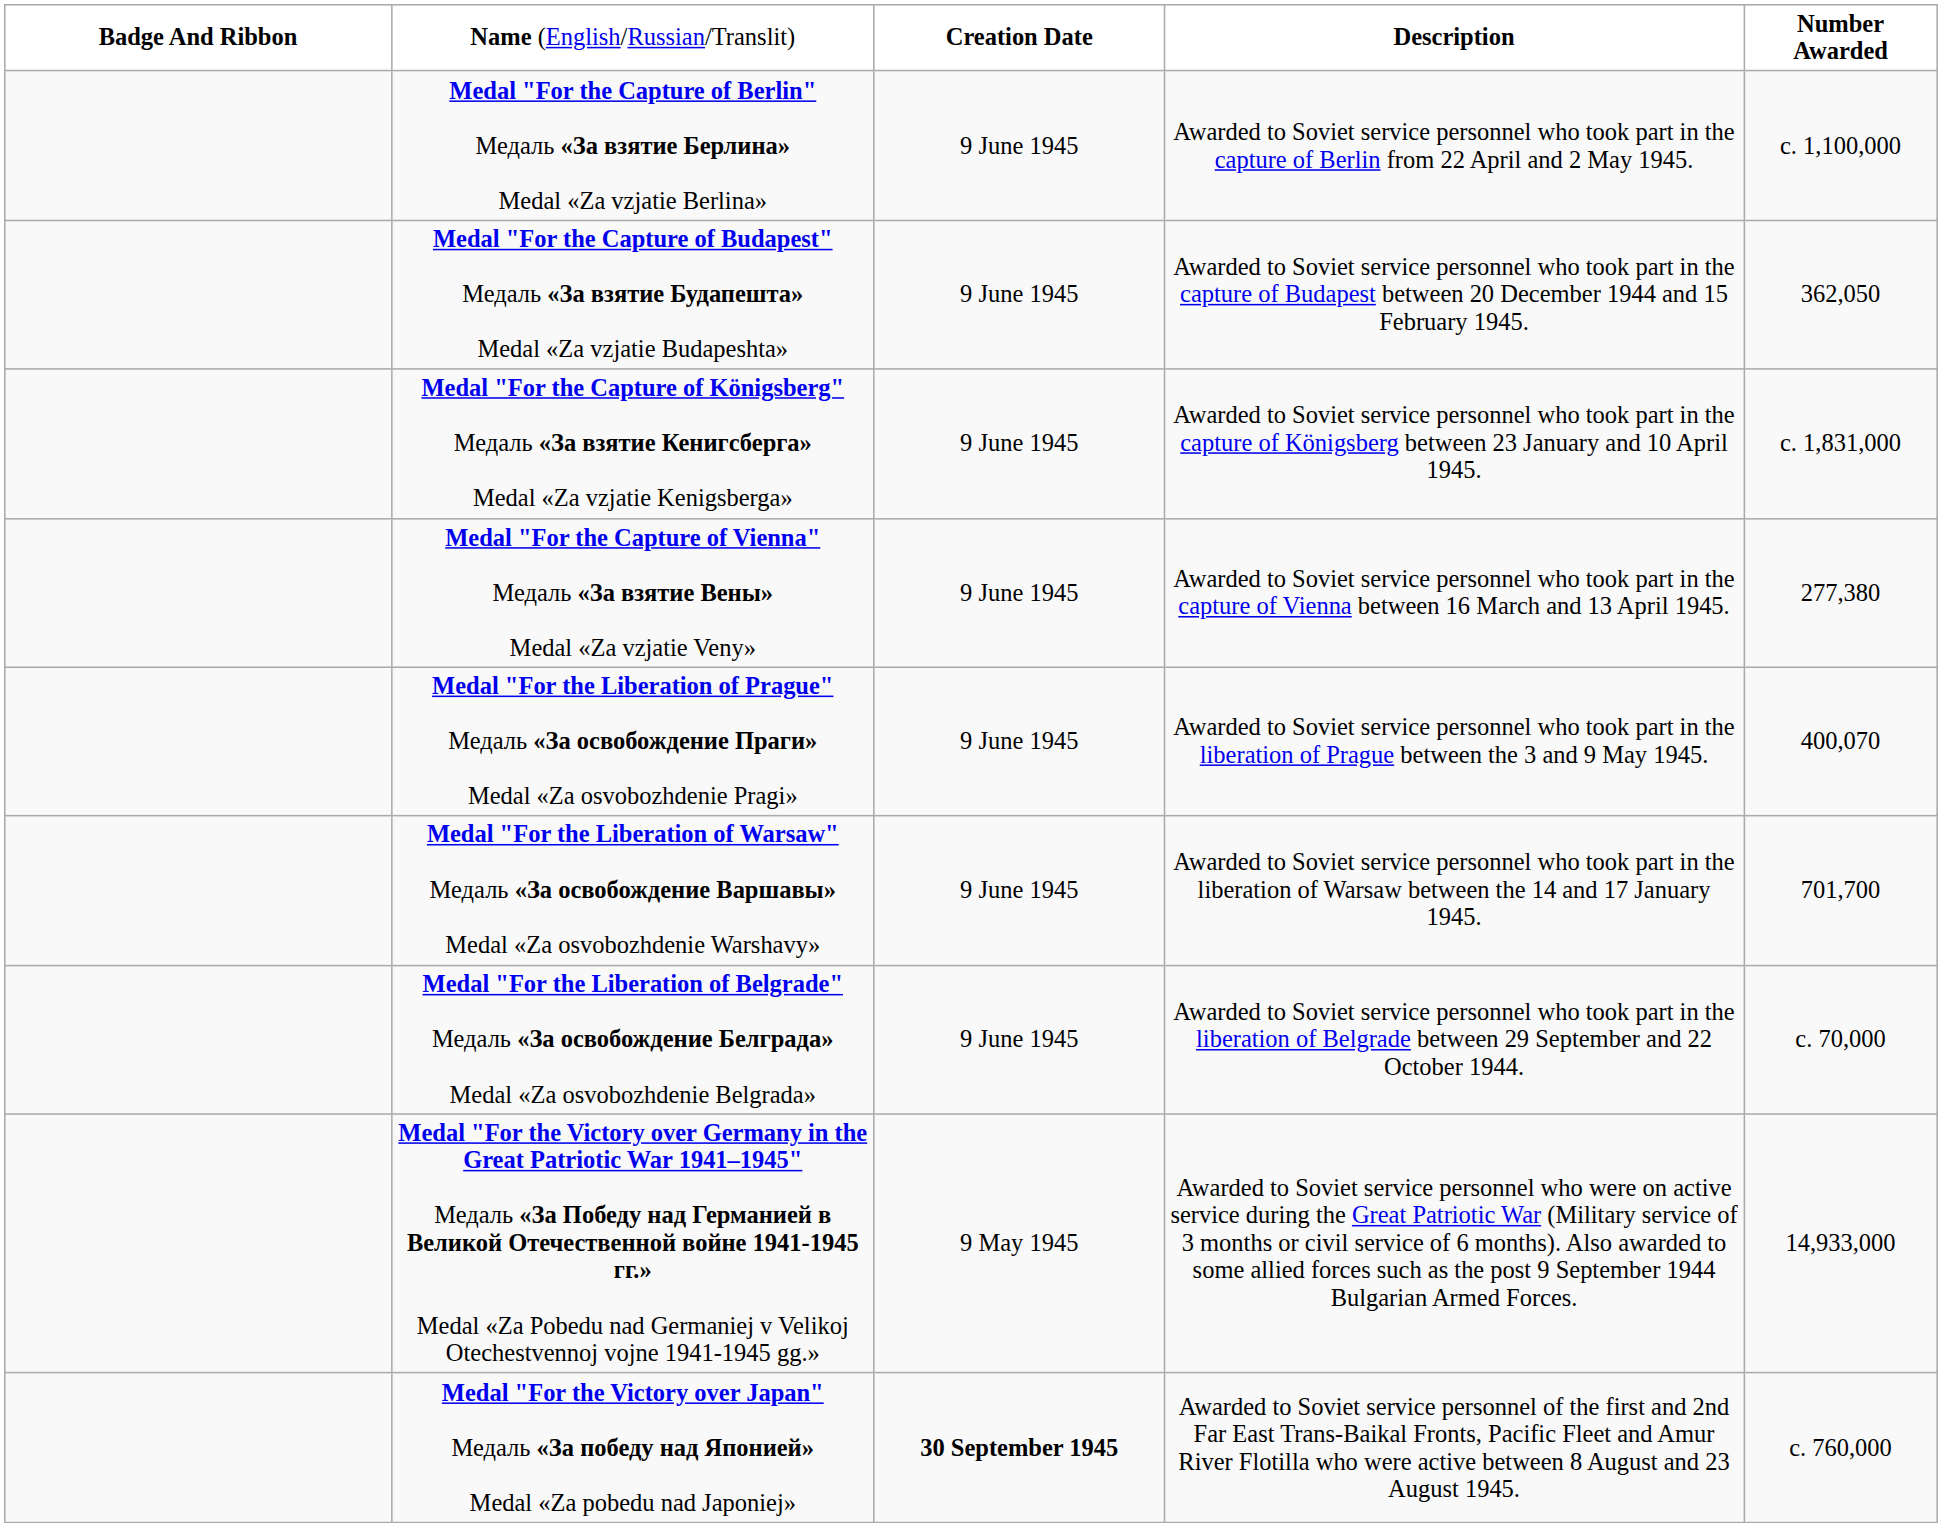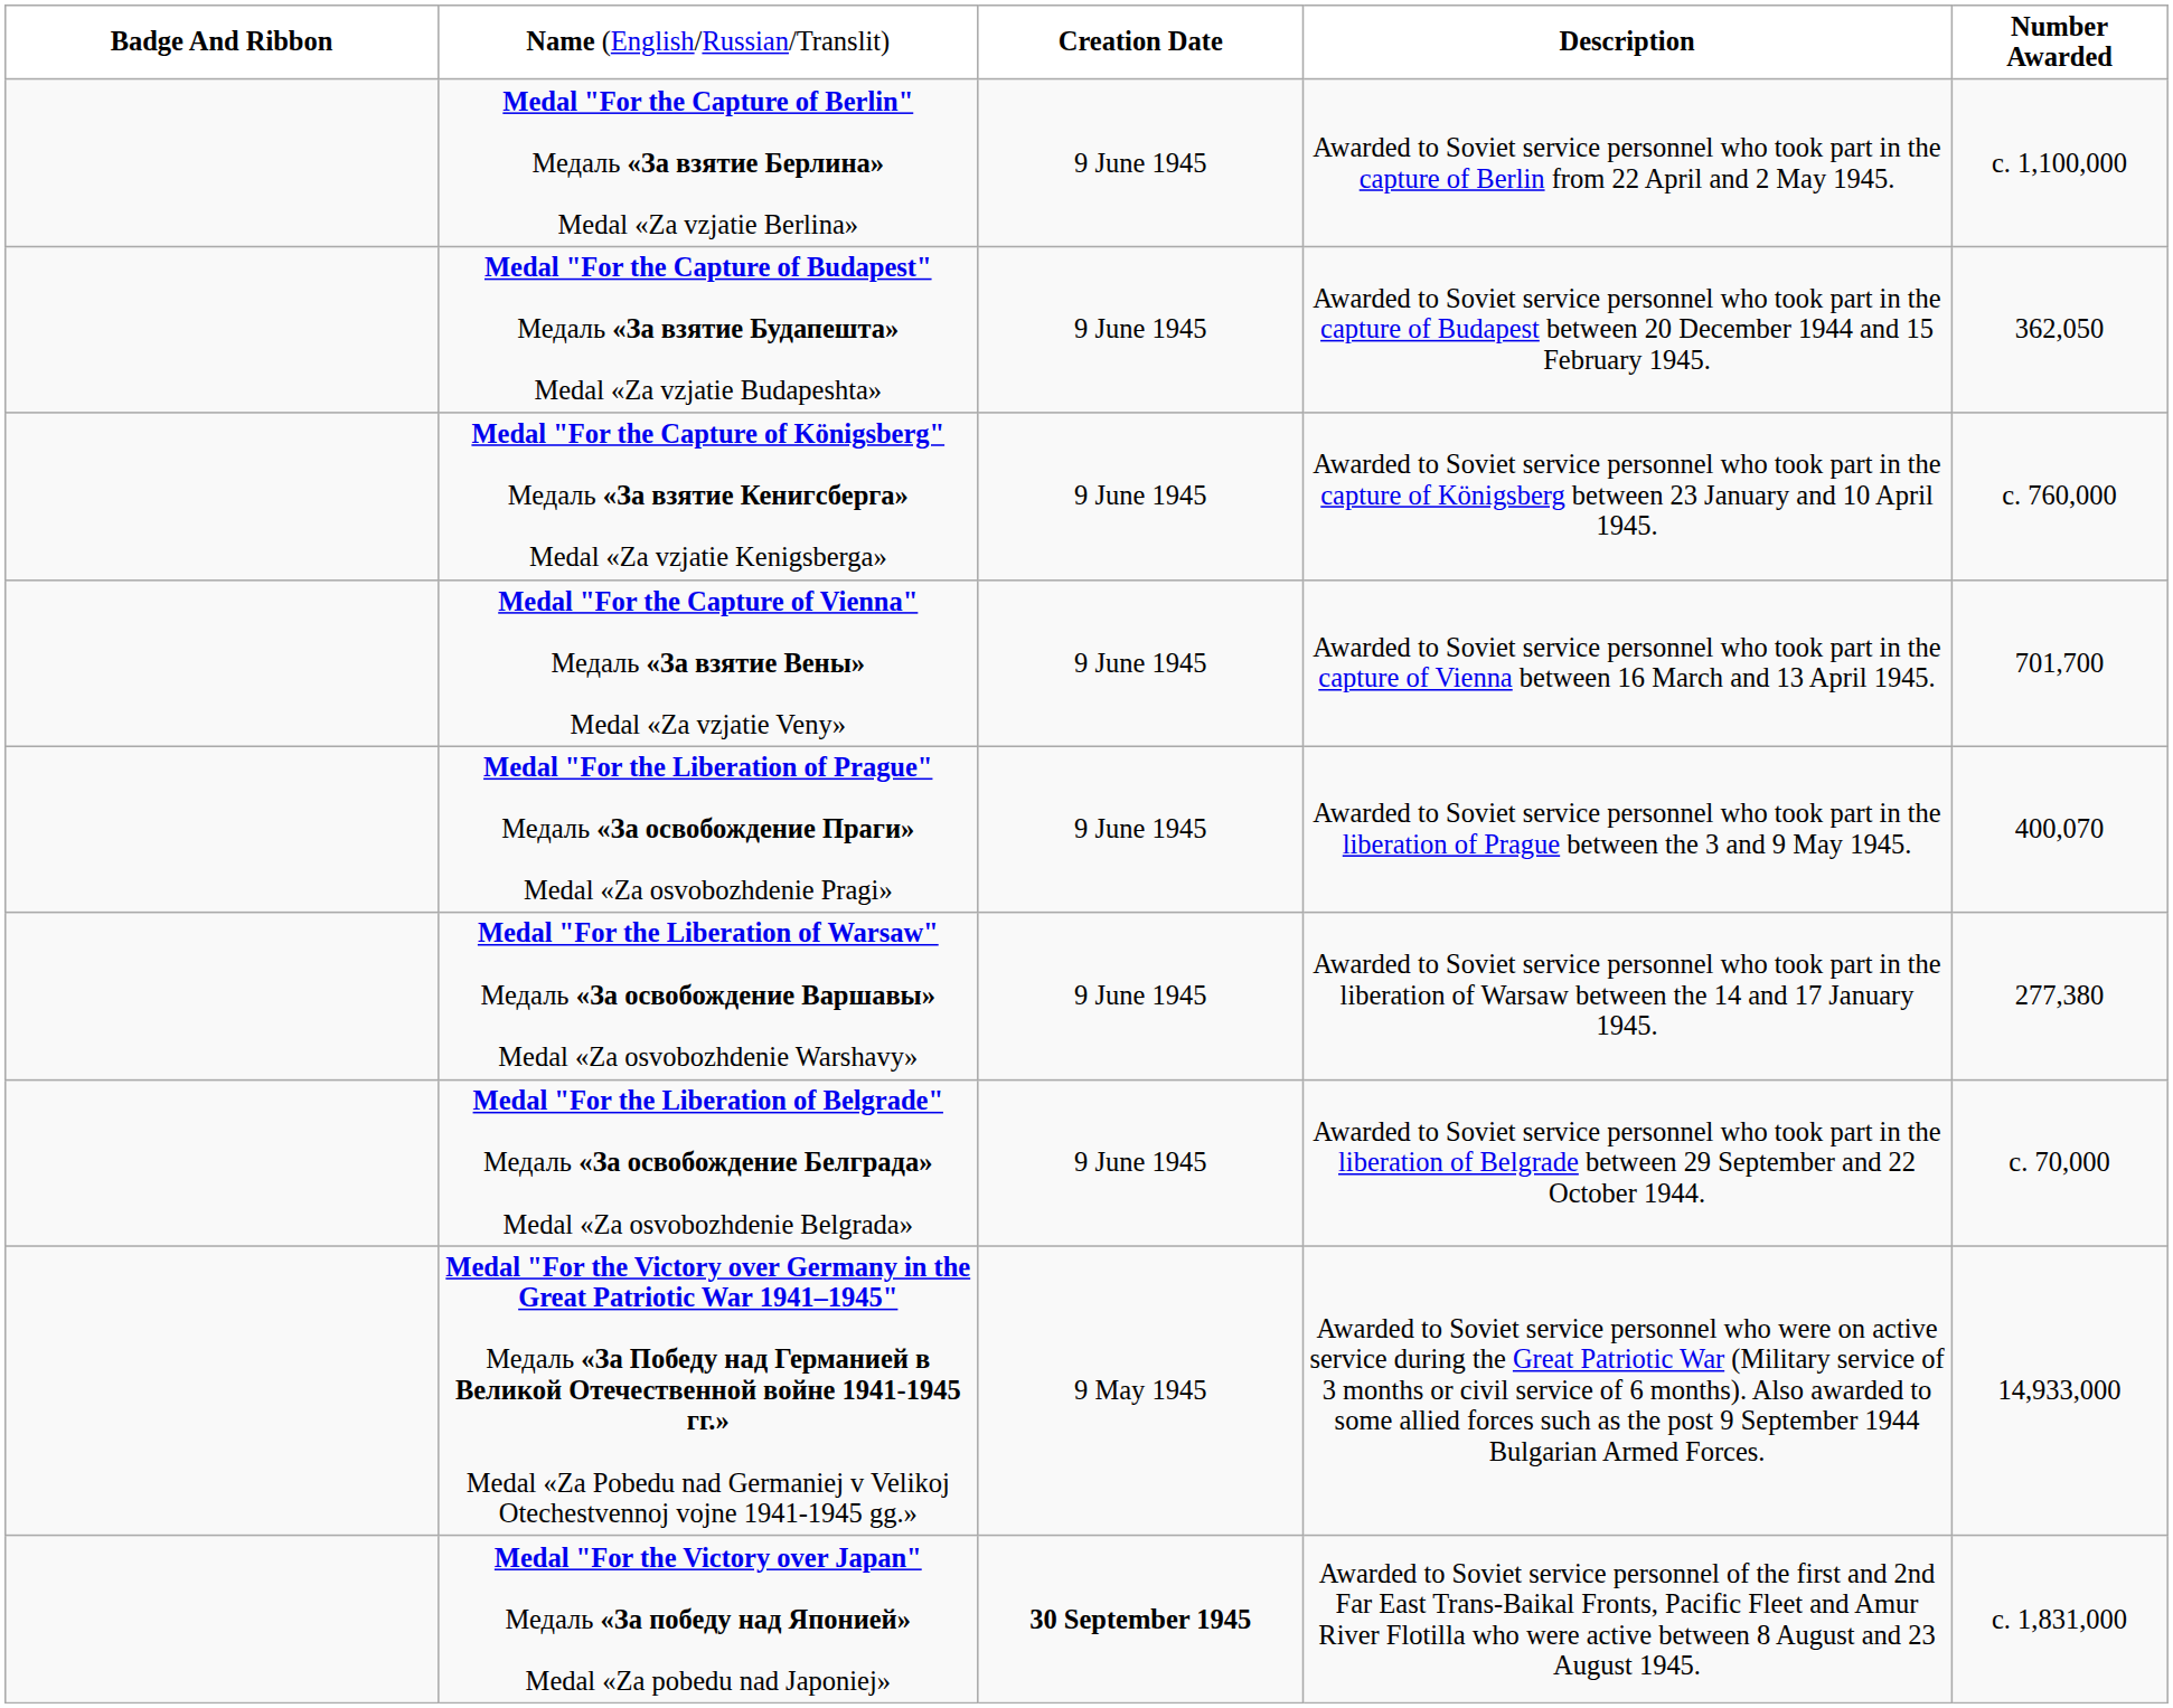 <table class="wikitable" width="100%" style="text-align:center;">
 <tr>
 <td width="20%" bgcolor="#FFFFFF"><strong>Badge And Ribbon</strong></td>
 <td width="25%" bgcolor="#FFFFFF"><strong>Name</strong> (<a href='#'>English</a>/<a href='#'>Russian</a>/Translit)</td>
 <td width="15%" bgcolor="#FFFFFF"><strong>Creation Date</strong></td>
 <td width="30%" bgcolor="#FFFFFF"><strong>Description</strong></td>
 <td width="10%" bgcolor="#FFFFFF"><strong>Number Awarded</strong></td>
 </tr>
 <tr>
 <td><br></td>
 <td><strong><a href='#'>Medal "For the Capture of Berlin"</a></strong><br><br>Медаль <strong>«За взятие Берлина»</strong><br><br>Medal «Za vzjatie Berlina»</td>
 <td>9 June 1945</td>
 <td>Awarded to Soviet service personnel who took part in the <a href='#'>capture of Berlin</a> from 22 April and 2 May 1945.</td>
 <td>c. 1,100,000</td>
 </tr>
 <tr>
 <td><br></td>
 <td><strong><a href='#'>Medal "For the Capture of Budapest"</a></strong><br><br>Медаль <strong>«За взятие Будапешта»</strong><br><br>Medal «Za vzjatie Budapeshta»</td>
 <td>9 June 1945</td>
 <td>Awarded to Soviet service personnel who took part in the <a href='#'>capture of Budapest</a> between 20 December 1944 and 15 February 1945.</td>
 <td>362,050</td>
 </tr>
 <tr>
 <td><br></td>
 <td><strong><a href='#'>Medal "For the Capture of Königsberg"</a></strong><br><br>Медаль <strong>«За взятие Кенигсберга»</strong><br><br>Medal «Za vzjatie Kenigsberga»</td>
 <td>9 June 1945</td>
 <td>Awarded to Soviet service personnel who took part in the <a href='#'>capture of Königsberg</a> between 23 January and 10 April 1945.</td>
-<td>c. 1,831,000</td>
+<td>c. 760,000</td>
 </tr>
 <tr>
 <td><br></td>
 <td><strong><a href='#'>Medal "For the Capture of Vienna"</a></strong><br><br>Медаль <strong>«За взятие Вены»</strong><br><br>Medal «Za vzjatie Veny»</td>
 <td>9 June 1945</td>
 <td>Awarded to Soviet service personnel who took part in the <a href='#'>capture of Vienna</a> between 16 March and 13 April 1945.</td>
-<td>277,380</td>
+<td>701,700</td>
 </tr>
 <tr>
 <td><br></td>
 <td><strong><a href='#'>Medal "For the Liberation of Prague"</a></strong><br><br>Медаль <strong>«За освобождение Праги»</strong><br><br>Medal «Za osvobozhdenie Pragi»</td>
 <td>9 June 1945</td>
 <td>Awarded to Soviet service personnel who took part in the <a href='#'>liberation of Prague</a> between the 3 and 9 May 1945.</td>
 <td>400,070</td>
 </tr>
 <tr>
 <td><br></td>
 <td><strong><a href='#'>Medal "For the Liberation of Warsaw"</a></strong><br><br>Медаль <strong>«За освобождение Варшавы»</strong><br><br>Medal «Za osvobozhdenie Warshavy»</td>
 <td>9 June 1945</td>
 <td>Awarded to Soviet service personnel who took part in the liberation of Warsaw between the 14 and 17 January 1945.</td>
-<td>701,700</td>
+<td>277,380</td>
 </tr>
 <tr>
 <td><br></td>
 <td><strong><a href='#'>Medal "For the Liberation of Belgrade"</a></strong><br><br>Медаль <strong>«За освобождение Белграда»</strong><br><br>Medal «Za osvobozhdenie Belgrada»</td>
 <td>9 June 1945</td>
 <td>Awarded to Soviet service personnel who took part in the <a href='#'>liberation of Belgrade</a> between 29 September and 22 October 1944.</td>
 <td>c. 70,000</td>
 </tr>
 <tr>
 <td><br></td>
 <td><strong><a href='#'>Medal "For the Victory over Germany in the Great Patriotic War 1941–1945"</a></strong><br><br>Медаль <strong>«За Победу над Германией в Великой Отечественной войне 1941-1945 гг.»</strong><br><br>Medal «Za Pobedu nad Germaniej v Velikoj Otechestvennoj vojne 1941-1945 gg.»</td>
 <td>9 May 1945</td>
 <td>Awarded to Soviet service personnel who were on active service during the <a href='#'>Great Patriotic War</a> (Military service of 3 months or civil service of 6 months). Also awarded to some allied forces such as the post 9 September 1944 Bulgarian Armed Forces.</td>
 <td>14,933,000</td>
 </tr>
 <tr>
 <td><br></td>
 <td><strong><a href='#'>Medal "For the Victory over Japan"</a></strong><br><br>Медаль <strong>«За победу над Японией»</strong><br><br>Medal «Za pobedu nad Japoniej»</td>
 <td><strong>30 September 1945</strong></td>
 <td>Awarded to Soviet service personnel of the first and 2nd Far East Trans-Baikal Fronts, Pacific Fleet and Amur River Flotilla who were active between 8 August and 23 August 1945.</td>
-<td>c. 760,000</td>
+<td>c. 1,831,000</td>
 </tr>
 </table>
